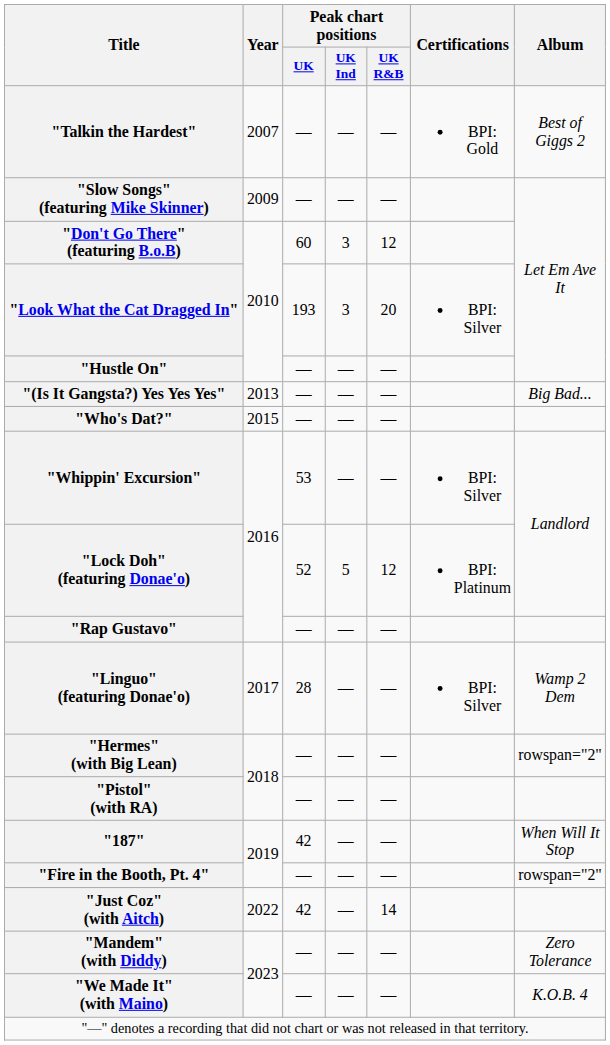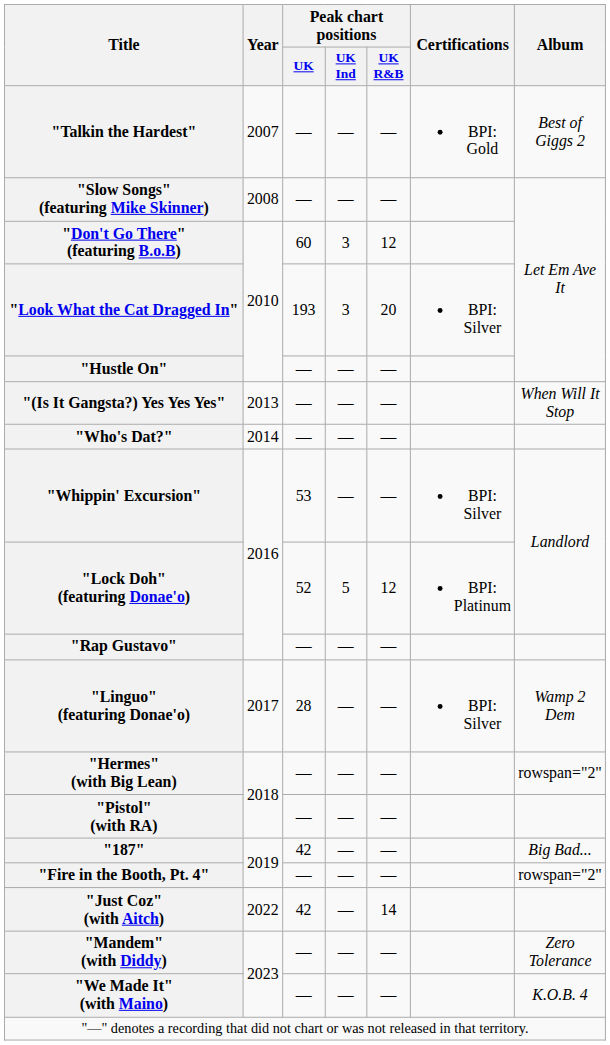 <table class="wikitable plainrowheaders" style="text-align:center;" border="1">
 <tr>
 <th scope="col" rowspan="2" style="width:18em;">Title</th>
 <th scope="col" rowspan="2">Year</th>
 <th scope="col" colspan="3">Peak chart positions</th>
 <th scope="col" rowspan="2">Certifications</th>
 <th scope="col" rowspan="2">Album</th>
 </tr>
 <tr>
 <th scope="col" style="width:3em;font-size:85%;"><a href='#'>UK</a><br></th>
 <th scope="col" style="width:3em;font-size:85%;"><a href='#'>UK<br>Ind</a></th>
 <th scope="col" style="width:3em;font-size:85%;"><a href='#'>UK<br>R&B</a></th>
 </tr>
 <tr>
 <th scope="row">"Talkin the Hardest"</th>
 <td>2007</td>
 <td>—</td>
 <td>—</td>
 <td>—</td>
 <td><br><ul><li>BPI: Gold</li></ul></td>
 <td><em>Best of Giggs 2</em></td>
 </tr>
 <tr>
 <th scope="row">"Slow Songs"<br><span>(featuring <a href='#'>Mike Skinner</a>)</span></th>
-<td>2009</td>
+<td>2008</td>
 <td>—</td>
 <td>—</td>
 <td>—</td>
 <td></td>
 <td rowspan="4"><em>Let Em Ave It</em></td>
 </tr>
 <tr>
 <th scope="row">"<a href='#'>Don't Go There</a>"<br><span>(featuring <a href='#'>B.o.B</a>)</span></th>
 <td rowspan="3">2010</td>
 <td>60</td>
 <td>3</td>
 <td>12</td>
 <td></td>
 </tr>
 <tr>
 <th scope="row">"<a href='#'>Look What the Cat Dragged In</a>"</th>
 <td>193</td>
 <td>3</td>
 <td>20</td>
 <td><br><ul><li>BPI: Silver</li></ul></td>
 </tr>
 <tr>
 <th scope="row">"Hustle On"</th>
 <td>—</td>
 <td>—</td>
 <td>—</td>
 <td></td>
 </tr>
 <tr>
 <th scope="row">"(Is It Gangsta?) Yes Yes Yes"</th>
 <td>2013</td>
 <td>—</td>
 <td>—</td>
 <td>—</td>
 <td></td>
-<td><em>Big Bad...</em></td>
+<td><em>When Will It Stop</em></td>
 </tr>
 <tr>
 <th scope="row">"Who's Dat?"</th>
-<td>2015</td>
+<td>2014</td>
 <td>—</td>
 <td>—</td>
 <td>—</td>
 <td></td>
 <td></td>
 </tr>
 <tr>
 <th scope="row">"Whippin' Excursion"</th>
 <td rowspan="3">2016</td>
 <td>53</td>
 <td>—</td>
 <td>—</td>
 <td><br><ul><li>BPI: Silver</li></ul></td>
 <td rowspan="2"><em>Landlord</em></td>
 </tr>
 <tr>
 <th scope="row">"Lock Doh"<br><span>(featuring <a href='#'>Donae'o</a>)</span></th>
 <td>52</td>
 <td>5</td>
 <td>12</td>
 <td><br><ul><li>BPI: Platinum</li></ul></td>
 </tr>
 <tr>
 <th scope="row">"Rap Gustavo"</th>
 <td>—</td>
 <td>—</td>
 <td>—</td>
 <td></td>
 <td></td>
 </tr>
 <tr>
 <th scope="row">"Linguo"<br><span>(featuring Donae'o)</span></th>
 <td>2017</td>
 <td>28</td>
 <td>—</td>
 <td>—</td>
 <td><br><ul><li>BPI: Silver</li></ul></td>
 <td><em>Wamp 2 Dem</em></td>
 </tr>
 <tr>
 <th scope="row">"Hermes"<br><span>(with Big Lean)</span></th>
 <td rowspan="2">2018</td>
 <td>—</td>
 <td>—</td>
 <td>—</td>
 <td></td>
 <td>rowspan="2" </td>
 </tr>
 <tr>
 <th scope="row">"Pistol"<br><span>(with RA)</span></th>
 <td>—</td>
 <td>—</td>
 <td>—</td>
 <td></td>
 </tr>
 <tr>
 <th scope="row">"187"</th>
 <td rowspan="2">2019</td>
 <td>42</td>
 <td>—</td>
 <td>—</td>
 <td></td>
-<td><em>When Will It Stop</em></td>
+<td><em>Big Bad...</em></td>
 </tr>
 <tr>
 <th scope="row">"Fire in the Booth, Pt. 4"</th>
 <td>—</td>
 <td>—</td>
 <td>—</td>
 <td></td>
 <td>rowspan="2" </td>
 </tr>
 <tr>
 <th scope="row">"Just Coz"<br><span>(with <a href='#'>Aitch</a>)</span></th>
 <td>2022</td>
 <td>42</td>
 <td>—</td>
 <td>14</td>
 <td></td>
 </tr>
 <tr>
 <th scope="row">"Mandem" <br><span>(with <a href='#'>Diddy</a>)</span></th>
 <td rowspan="2">2023</td>
 <td>—</td>
 <td>—</td>
 <td>—</td>
 <td></td>
 <td><em>Zero Tolerance</em></td>
 </tr>
 <tr>
 <th scope="row">"We Made It" <br><span>(with <a href='#'>Maino</a>)</span></th>
 <td>—</td>
 <td>—</td>
 <td>—</td>
 <td></td>
 <td><em>K.O.B. 4</em></td>
 </tr>
 <tr>
 <td colspan="15" style="font-size:90%">"—" denotes a recording that did not chart or was not released in that territory.</td>
 </tr>
 </table>
